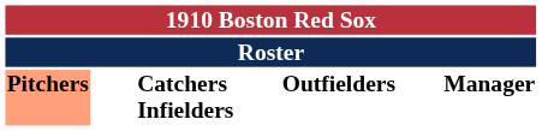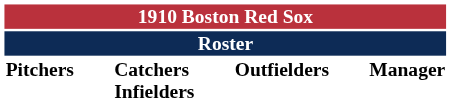 <table class="toccolours" style="text-align: left;">
 <tr>
 <th colspan=10 style="background-color: #ba313c; color: white; text-align: center;">1910 Boston Red Sox</th>
 </tr>
 <tr>
 <td colspan=10 style="background-color: #0d2b56; color: white; text-align: center;"><strong>Roster</strong></td>
 </tr>
 <tr>
-<td valign="top" style="background: lightsalmon;"><strong>Pitchers</strong><br>            </td>
+<td valign="top"><strong>Pitchers</strong><br>            </td>
 <td width="25px"></td>
 <td valign="top"><strong>Catchers</strong><br>    <strong>Infielders</strong>             </td>
 <td width="25px"></td>
 <td valign="top"><strong>Outfielders</strong><br>     </td>
 <td width="25px"></td>
 <td valign="top"><strong>Manager</strong><br></td>
 </tr>
 <tr>
 </tr>
 </table>
